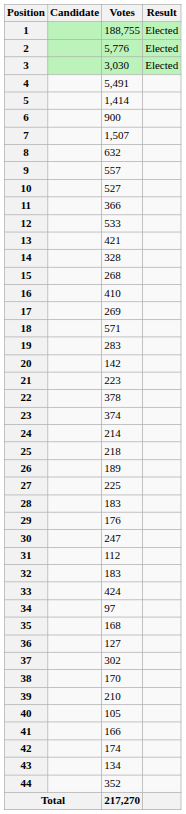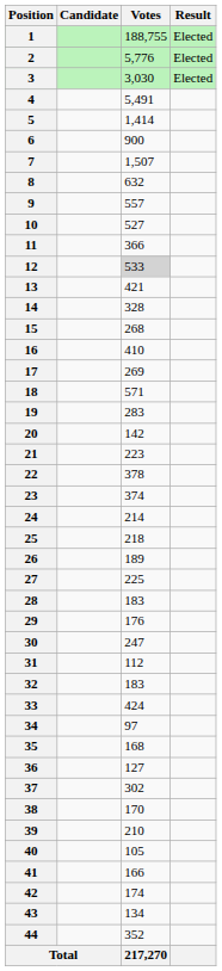 <table class="wikitable sortable col3right">
 <tr>
 <th scope="col">Position</th>
 <th scope="col">Candidate</th>
 <th scope="col">Votes</th>
 <th scope="col">Result</th>
 </tr>
 <tr bgcolor=bbf3bb>
 <th scope="row">1</th>
 <td></td>
 <td>188,755</td>
 <td>Elected</td>
 </tr>
 <tr bgcolor=bbf3bb>
 <th scope="row">2</th>
 <td></td>
 <td>5,776</td>
 <td>Elected</td>
 </tr>
 <tr bgcolor=bbf3bb>
 <th scope="row">3</th>
 <td></td>
 <td>3,030</td>
 <td>Elected</td>
 </tr>
 <tr>
 <th scope="row">4</th>
 <td></td>
 <td>5,491</td>
 <td></td>
 </tr>
 <tr>
 <th scope="row">5</th>
 <td></td>
 <td>1,414</td>
 <td></td>
 </tr>
 <tr>
 <th scope="row">6</th>
 <td></td>
 <td>900</td>
 <td></td>
 </tr>
 <tr>
 <th scope="row">7</th>
 <td></td>
 <td>1,507</td>
 <td></td>
 </tr>
 <tr>
 <th scope="row">8</th>
 <td></td>
 <td>632</td>
 <td></td>
 </tr>
 <tr>
 <th scope="row">9</th>
 <td></td>
 <td>557</td>
 <td></td>
 </tr>
 <tr>
 <th scope="row">10</th>
 <td></td>
 <td>527</td>
 <td></td>
 </tr>
 <tr>
 <th scope="row">11</th>
 <td></td>
 <td>366</td>
 <td></td>
 </tr>
 <tr>
 <th scope="row">12</th>
 <td></td>
-<td>533</td>
+<td style="background: lightgrey;">533</td>
 <td></td>
 </tr>
 <tr>
 <th scope="row">13</th>
 <td></td>
 <td>421</td>
 <td></td>
 </tr>
 <tr>
 <th scope="row">14</th>
 <td></td>
 <td>328</td>
 <td></td>
 </tr>
 <tr>
 <th scope="row">15</th>
 <td></td>
 <td>268</td>
 <td></td>
 </tr>
 <tr>
 <th scope="row">16</th>
 <td></td>
 <td>410</td>
 <td></td>
 </tr>
 <tr>
 <th scope="row">17</th>
 <td></td>
 <td>269</td>
 <td></td>
 </tr>
 <tr>
 <th scope="row">18</th>
 <td></td>
 <td>571</td>
 <td></td>
 </tr>
 <tr>
 <th scope="row">19</th>
 <td></td>
 <td>283</td>
 <td></td>
 </tr>
 <tr>
 <th scope="row">20</th>
 <td></td>
 <td>142</td>
 <td></td>
 </tr>
 <tr>
 <th scope="row">21</th>
 <td></td>
 <td>223</td>
 <td></td>
 </tr>
 <tr>
 <th scope="row">22</th>
 <td></td>
 <td>378</td>
 <td></td>
 </tr>
 <tr>
 <th scope="row">23</th>
 <td></td>
 <td>374</td>
 <td></td>
 </tr>
 <tr>
 <th scope="row">24</th>
 <td></td>
 <td>214</td>
 <td></td>
 </tr>
 <tr>
 <th scope="row">25</th>
 <td></td>
 <td>218</td>
 <td></td>
 </tr>
 <tr>
 <th scope="row">26</th>
 <td></td>
 <td>189</td>
 <td></td>
 </tr>
 <tr>
 <th scope="row">27</th>
 <td></td>
 <td>225</td>
 <td></td>
 </tr>
 <tr>
 <th scope="row">28</th>
 <td></td>
 <td>183</td>
 <td></td>
 </tr>
 <tr>
 <th scope="row">29</th>
 <td></td>
 <td>176</td>
 <td></td>
 </tr>
 <tr>
 <th scope="row">30</th>
 <td></td>
 <td>247</td>
 <td></td>
 </tr>
 <tr>
 <th scope="row">31</th>
 <td></td>
 <td>112</td>
 <td></td>
 </tr>
 <tr>
 <th scope="row">32</th>
 <td></td>
 <td>183</td>
 <td></td>
 </tr>
 <tr>
 <th scope="row">33</th>
 <td></td>
 <td>424</td>
 <td></td>
 </tr>
 <tr>
 <th scope="row">34</th>
 <td></td>
 <td>97</td>
 <td></td>
 </tr>
 <tr>
 <th scope="row">35</th>
 <td></td>
 <td>168</td>
 <td></td>
 </tr>
 <tr>
 <th scope="row">36</th>
 <td></td>
 <td>127</td>
 <td></td>
 </tr>
 <tr>
 <th scope="row">37</th>
 <td></td>
 <td>302</td>
 <td></td>
 </tr>
 <tr>
 <th scope="row">38</th>
 <td></td>
 <td>170</td>
 <td></td>
 </tr>
 <tr>
 <th scope="row">39</th>
 <td></td>
 <td>210</td>
 <td></td>
 </tr>
 <tr>
 <th scope="row">40</th>
 <td></td>
 <td>105</td>
 <td></td>
 </tr>
 <tr>
 <th scope="row">41</th>
 <td></td>
 <td>166</td>
 <td></td>
 </tr>
 <tr>
 <th scope="row">42</th>
 <td></td>
 <td>174</td>
 <td></td>
 </tr>
 <tr>
 <th scope="row">43</th>
 <td></td>
 <td>134</td>
 <td></td>
 </tr>
 <tr>
 <th scope="row">44</th>
 <td></td>
 <td>352</td>
 <td></td>
 </tr>
 <tr class=sortbottom>
 <th scope="row" colspan="2">Total</th>
 <th style="text-align:right">217,270</th>
 <th></th>
 </tr>
 </table>
